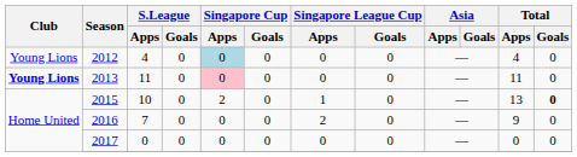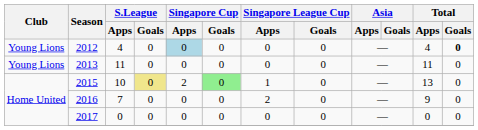 <table style="text-align:center" class="wikitable">
 <tr>
 <th rowspan="2">Club</th>
 <th rowspan="2">Season</th>
 <th colspan="2"><a href='#'>S.League</a></th>
 <th colspan="2"><a href='#'>Singapore Cup</a></th>
 <th colspan="2"><a href='#'>Singapore League Cup</a></th>
 <th colspan="2"><a href='#'>Asia</a></th>
 <th colspan="2">Total</th>
 </tr>
 <tr>
 <th>Apps</th>
 <th>Goals</th>
 <th>Apps</th>
 <th>Goals</th>
 <th>Apps</th>
 <th>Goals</th>
 <th>Apps</th>
 <th>Goals</th>
 <th>Apps</th>
 <th>Goals</th>
 </tr>
 <tr>
 <td><a href='#'>Young Lions</a></td>
 <td><a href='#'>2012</a></td>
 <td>4</td>
 <td>0</td>
 <td style="background: lightblue;">0</td>
 <td>0</td>
 <td>0</td>
 <td>0</td>
 <td colspan="2">—</td>
 <td>4</td>
-<td>0</td>
+<td><strong>0</strong></td>
 </tr>
 <tr>
-<td><strong><a href='#'>Young Lions</a></strong></td>
+<td><a href='#'>Young Lions</a></td>
 <td><a href='#'>2013</a></td>
 <td>11</td>
 <td>0</td>
-<td style="background: pink;">0</td>
+<td>0</td>
 <td>0</td>
 <td>0</td>
 <td>0</td>
 <td colspan="2">—</td>
 <td>11</td>
 <td>0</td>
 </tr>
 <tr>
 <td rowspan="5"><a href='#'>Home United</a></td>
 <td><a href='#'>2015</a></td>
 <td>10</td>
-<td>0</td>
+<td style="background: khaki;">0</td>
 <td>2</td>
-<td>0</td>
+<td style="background: lightgreen;">0</td>
 <td>1</td>
 <td>0</td>
 <td colspan="2">—</td>
 <td>13</td>
-<td><strong>0</strong></td>
+<td>0</td>
 </tr>
 <tr>
 <td><a href='#'>2016</a></td>
 <td>7</td>
 <td>0</td>
 <td>0</td>
 <td>0</td>
 <td>2</td>
 <td>0</td>
 <td colspan="2">—</td>
 <td>9</td>
 <td>0</td>
 </tr>
 <tr>
 <td><a href='#'>2017</a></td>
 <td>0</td>
 <td>0</td>
 <td>0</td>
 <td>0</td>
 <td>0</td>
 <td>0</td>
 <td colspan="2">—</td>
 <td>0</td>
 <td>0</td>
 </tr>
 <tr>
 </tr>
 </table>
